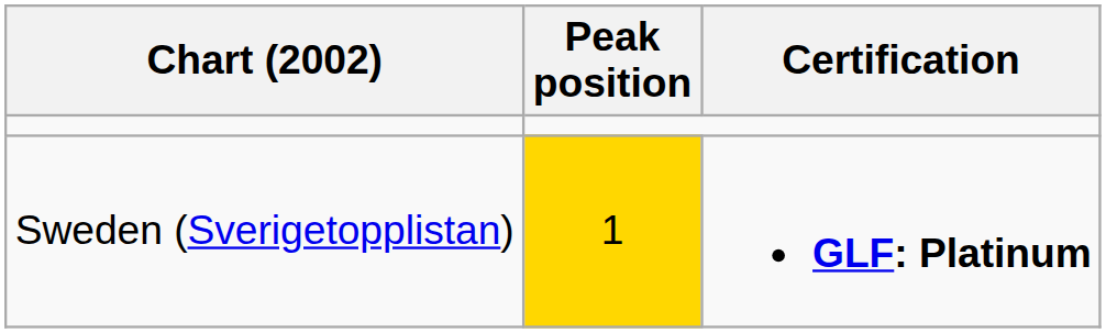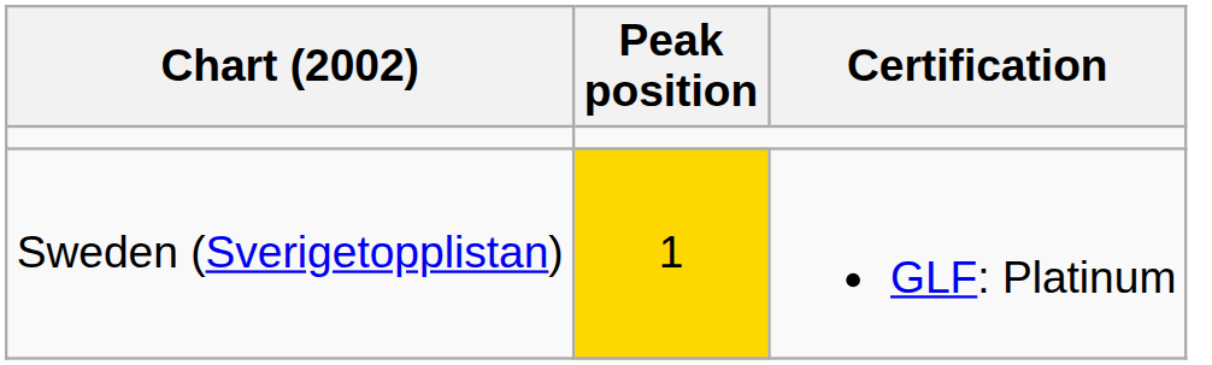 <table class="wikitable plainrowheaders">
 <tr>
 <th>Chart (2002)</th>
 <th>Peak<br>position</th>
 <th>Certification</th>
 </tr>
 <tr>
 <td></td>
 </tr>
 <tr>
 <td>Sweden (<a href='#'>Sverigetopplistan</a>)</td>
 <td align="center" style="background: gold;">1</td>
-<td><strong><br><ul><li><a href='#'>GLF</a>: Platinum</li></ul></strong></td>
+<td><br><ul><li><a href='#'>GLF</a>: Platinum</li></ul></td>
 </tr>
 </table>
